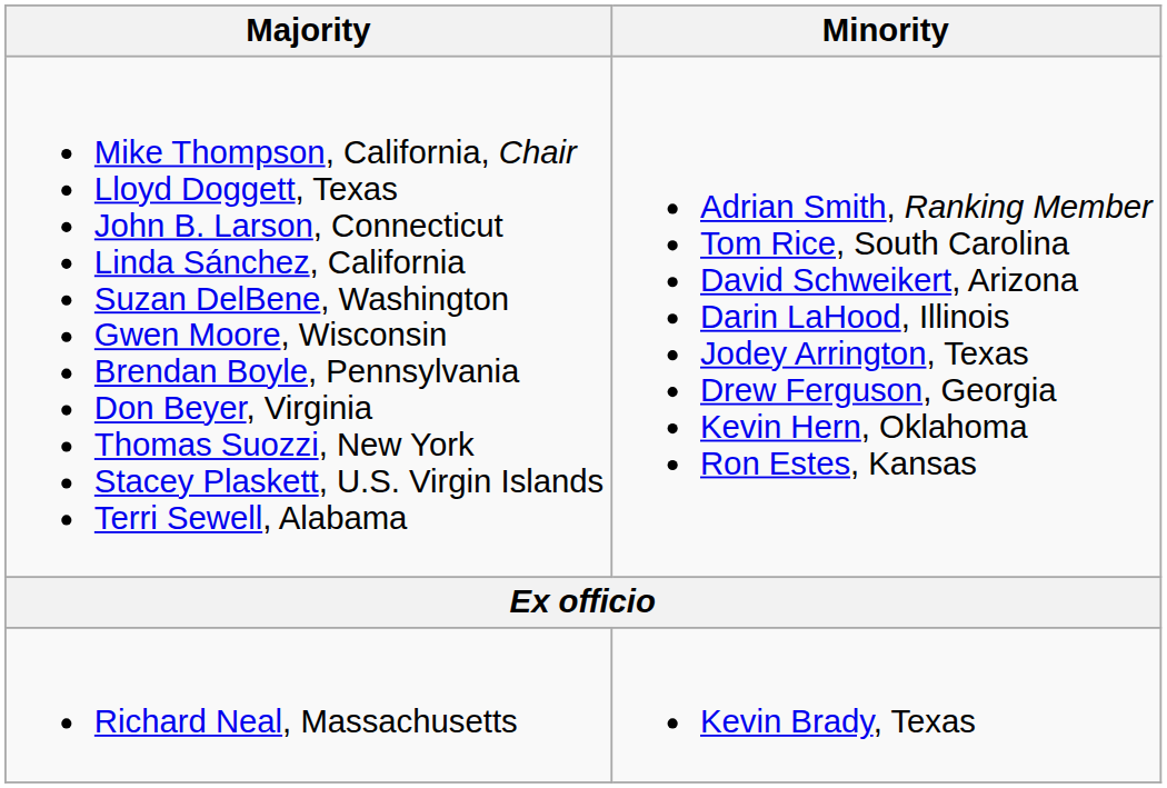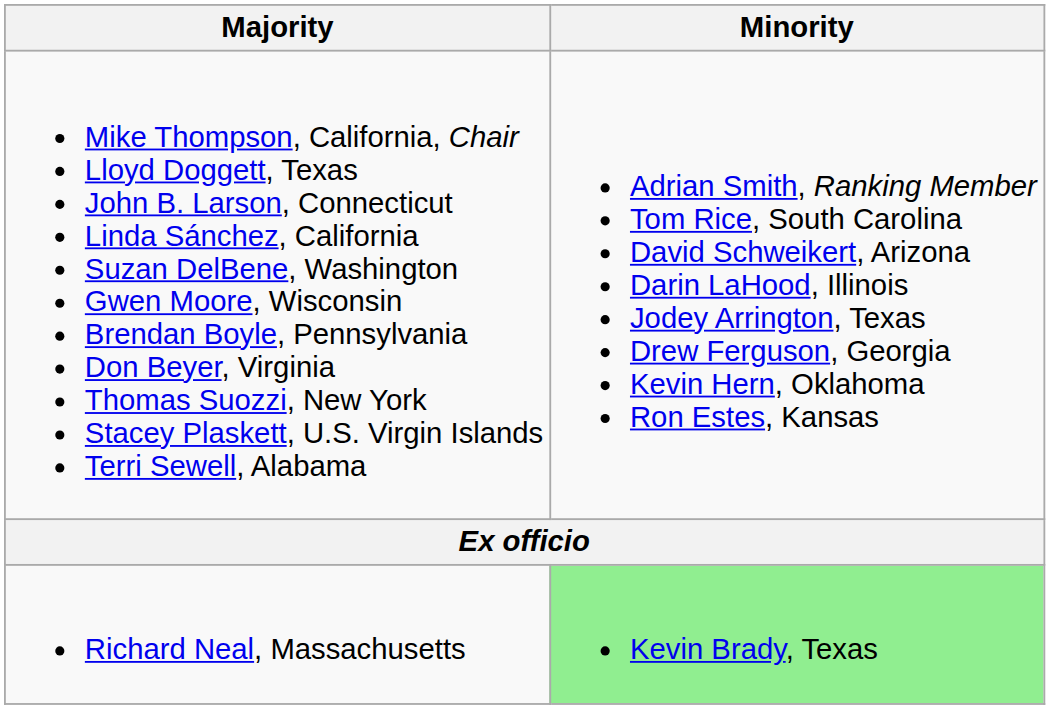 <table class=wikitable>
 <tr>
 <th>Majority</th>
 <th>Minority</th>
 </tr>
 <tr>
 <td><br><ul><li><a href='#'>Mike Thompson</a>, California, <em>Chair</em></li><li><a href='#'>Lloyd Doggett</a>, Texas</li><li><a href='#'>John B. Larson</a>, Connecticut</li><li><a href='#'>Linda Sánchez</a>, California</li><li><a href='#'>Suzan DelBene</a>, Washington</li><li><a href='#'>Gwen Moore</a>, Wisconsin</li><li><a href='#'>Brendan Boyle</a>, Pennsylvania</li><li><a href='#'>Don Beyer</a>, Virginia</li><li><a href='#'>Thomas Suozzi</a>, New York</li><li><a href='#'>Stacey Plaskett</a>, U.S. Virgin Islands</li><li><a href='#'>Terri Sewell</a>, Alabama</li></ul></td>
 <td><br><ul><li><a href='#'>Adrian Smith</a>, <em>Ranking Member</em></li><li><a href='#'>Tom Rice</a>, South Carolina</li><li><a href='#'>David Schweikert</a>, Arizona</li><li><a href='#'>Darin LaHood</a>, Illinois</li><li><a href='#'>Jodey Arrington</a>, Texas</li><li><a href='#'>Drew Ferguson</a>, Georgia</li><li><a href='#'>Kevin Hern</a>, Oklahoma</li><li><a href='#'>Ron Estes</a>, Kansas</li></ul></td>
 </tr>
 <tr>
 <th colspan=2><em>Ex officio</em></th>
 </tr>
 <tr>
 <td><br><ul><li><a href='#'>Richard Neal</a>, Massachusetts</li></ul></td>
-<td><br><ul><li><a href='#'>Kevin Brady</a>, Texas</li></ul></td>
+<td style="background: lightgreen;"><br><ul><li><a href='#'>Kevin Brady</a>, Texas</li></ul></td>
 </tr>
 </table>
